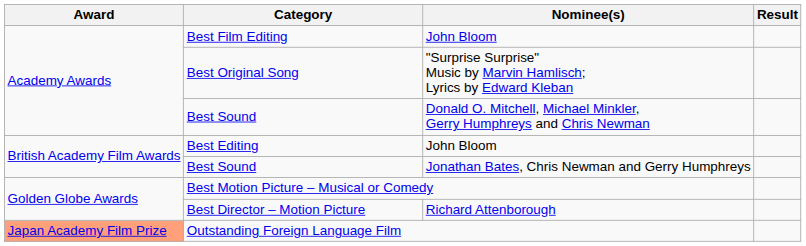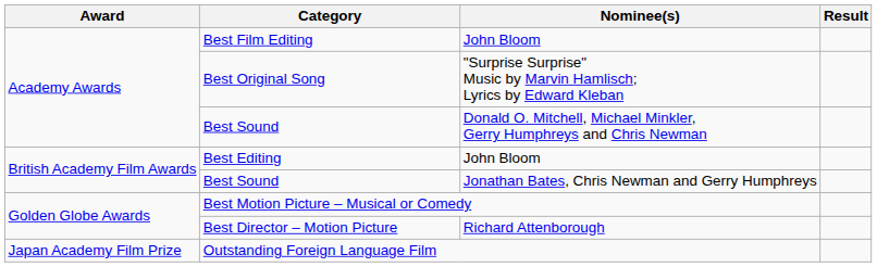 <table class="wikitable plainrowheaders">
 <tr>
 <th>Award</th>
 <th scope="col" style="width:30%;">Category</th>
 <th>Nominee(s)</th>
 <th>Result</th>
 </tr>
 <tr>
 <td rowspan="3"><a href='#'>Academy Awards</a></td>
 <td><a href='#'>Best Film Editing</a></td>
 <td><a href='#'>John Bloom</a></td>
 <td></td>
 </tr>
 <tr>
 <td><a href='#'>Best Original Song</a></td>
 <td>"Surprise Surprise" <br> Music by <a href='#'>Marvin Hamlisch</a>; <br> Lyrics by <a href='#'>Edward Kleban</a></td>
 <td></td>
 </tr>
 <tr>
 <td><a href='#'>Best Sound</a></td>
 <td><a href='#'>Donald O. Mitchell</a>, <a href='#'>Michael Minkler</a>, <br> <a href='#'>Gerry Humphreys</a> and <a href='#'>Chris Newman</a></td>
 <td></td>
 </tr>
 <tr>
 <td rowspan="2"><a href='#'>British Academy Film Awards</a></td>
 <td><a href='#'>Best Editing</a></td>
 <td>John Bloom</td>
 <td></td>
 </tr>
 <tr>
 <td><a href='#'>Best Sound</a></td>
 <td><a href='#'>Jonathan Bates</a>, Chris Newman and Gerry Humphreys</td>
 <td></td>
 </tr>
 <tr>
 <td rowspan="2"><a href='#'>Golden Globe Awards</a></td>
 <td colspan="2"><a href='#'>Best Motion Picture – Musical or Comedy</a></td>
 <td></td>
 </tr>
 <tr>
 <td><a href='#'>Best Director – Motion Picture</a></td>
 <td><a href='#'>Richard Attenborough</a></td>
 <td></td>
 </tr>
 <tr>
-<td style="background: lightsalmon;"><a href='#'>Japan Academy Film Prize</a></td>
+<td><a href='#'>Japan Academy Film Prize</a></td>
 <td colspan="2"><a href='#'>Outstanding Foreign Language Film</a></td>
 <td></td>
 </tr>
 </table>
